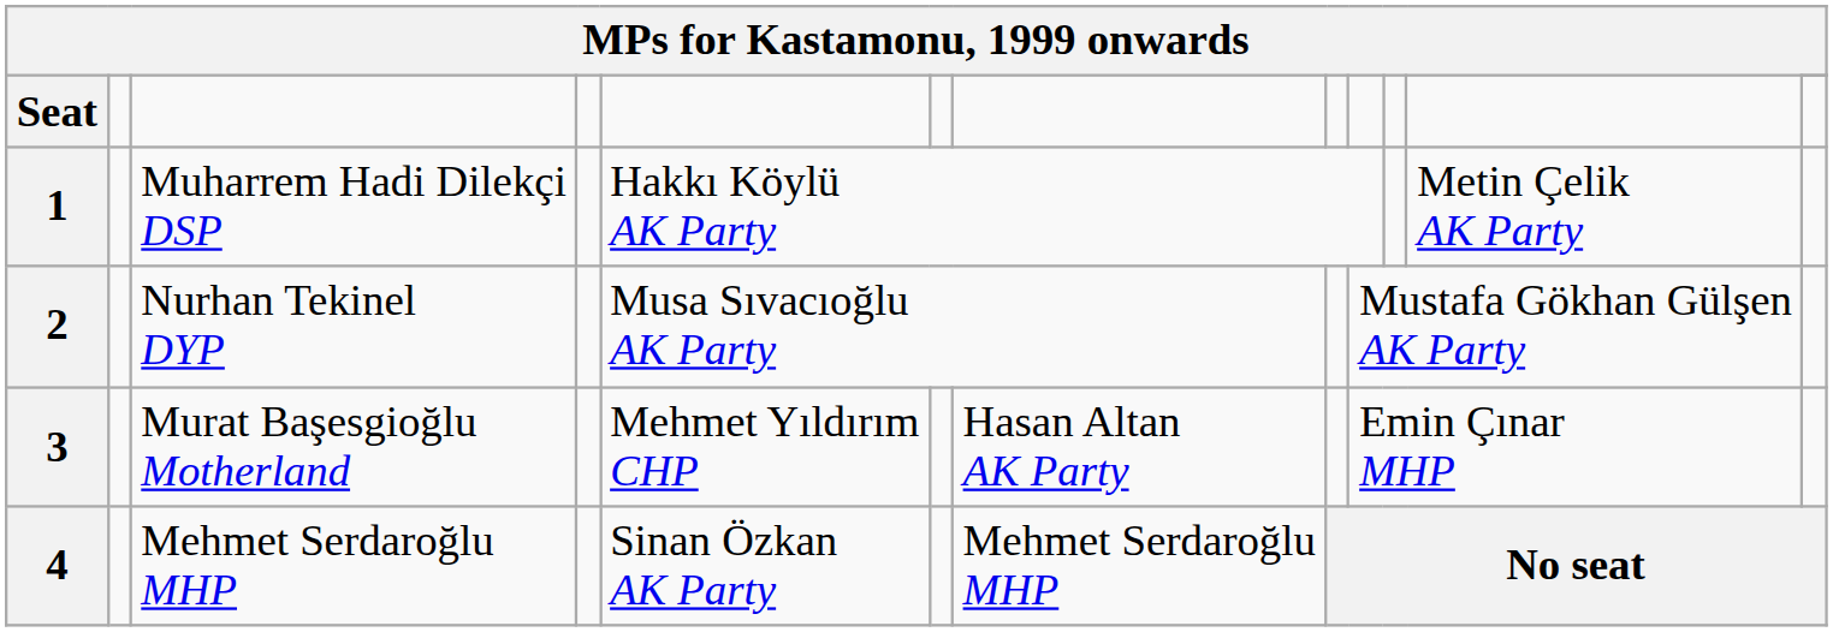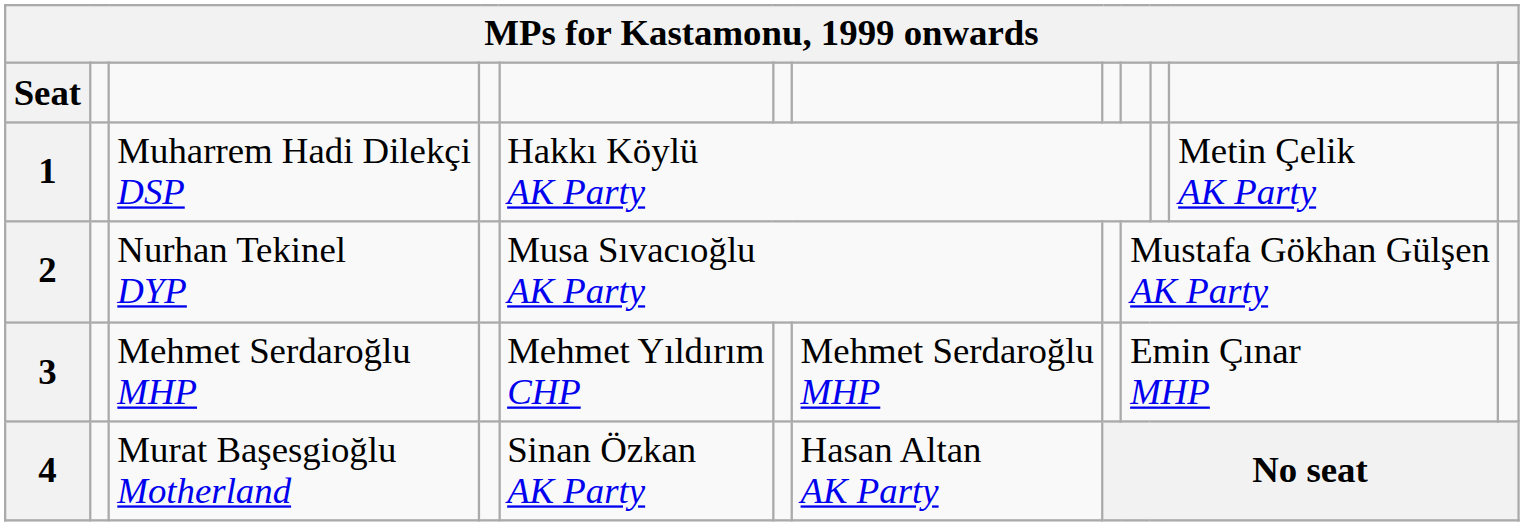 <table class="wikitable">
 <tr>
 <th colspan = 12>MPs for Kastamonu, 1999 onwards</th>
 </tr>
 <tr>
 <th rowspan = 2>Seat</th>
 <td rowspan="2" style="width:1px;"></td>
 <td rowspan = 2></td>
 <td rowspan="2" style="width:1px;"></td>
 <td rowspan = 2></td>
 <td rowspan="2" style="width:1px;"></td>
 <td rowspan = 2></td>
 <td rowspan="2" style="width:1px;"></td>
 <td rowspan = 2></td>
 <td rowspan="2" style="width:1px;"></td>
 <td rowspan = 2></td>
 </tr>
 <tr>
 <td></td>
 </tr>
 <tr>
 <th>1</th>
 <td width=1px style="background-color: "></td>
 <td colspan = 1>Muharrem Hadi Dilekçi<br><em><a href='#'>DSP</a></em></td>
 <td width=1px style="background-color: "></td>
 <td colspan = 5>Hakkı Köylü<br><em><a href='#'>AK Party</a></em></td>
 <td width=1px style="background-color: "></td>
 <td colspan = 1>Metin Çelik<br><em><a href='#'>AK Party</a></em></td>
 <td width=1px style="background-color: "></td>
 </tr>
 <tr>
 <th>2</th>
 <td width=1px style="background-color: "></td>
 <td colspan = 1>Nurhan Tekinel<br><em><a href='#'>DYP</a></em></td>
 <td width=1px style="background-color: "></td>
 <td colspan = 3>Musa Sıvacıoğlu<br><em><a href='#'>AK Party</a></em></td>
 <td width=1px style="background-color: "></td>
 <td colspan = 3>Mustafa Gökhan Gülşen<br><em><a href='#'>AK Party</a></em></td>
 <td width=1px style="background-color: "></td>
 </tr>
 <tr>
 <th>3</th>
 <td width=1px style="background-color: "></td>
-<td colspan = 1>Murat Başesgioğlu<br><em><a href='#'>Motherland</a></em></td>
+<td colspan = 1>Mehmet Serdaroğlu<br><em><a href='#'>MHP</a></em></td>
 <td width=1px style="background-color: "></td>
 <td colspan = 1>Mehmet Yıldırım<br><em><a href='#'>CHP</a></em></td>
 <td width=1px style="background-color: "></td>
-<td colspan = 1>Hasan Altan<br><em><a href='#'>AK Party</a></em></td>
+<td colspan = 1>Mehmet Serdaroğlu<br><em><a href='#'>MHP</a></em></td>
 <td width=1px style="background-color: "></td>
 <td colspan = 3>Emin Çınar<br><em><a href='#'>MHP</a></em></td>
 <td width=1px style="background-color: "></td>
 </tr>
 <tr>
 <th>4</th>
 <td width=1px style="background-color: "></td>
-<td colspan = 1>Mehmet Serdaroğlu<br><em><a href='#'>MHP</a></em></td>
+<td colspan = 1>Murat Başesgioğlu<br><em><a href='#'>Motherland</a></em></td>
 <td width=1px style="background-color: "></td>
 <td colspan = 1>Sinan Özkan<br><em><a href='#'>AK Party</a></em></td>
 <td width=1px style="background-color: "></td>
-<td colspan = 1>Mehmet Serdaroğlu<br><em><a href='#'>MHP</a></em></td>
+<td colspan = 1>Hasan Altan<br><em><a href='#'>AK Party</a></em></td>
 <th colspan = 5>No seat</th>
 </tr>
 </table>
